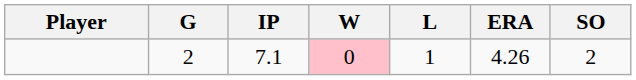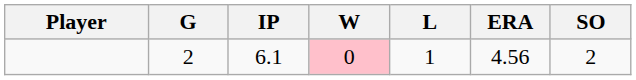 <table class="wikitable sortable">
 <tr>
 <th bgcolor="#DDDDFF" width="16%">Player</th>
 <th bgcolor="#DDDDFF" width="9%">G</th>
 <th bgcolor="#DDDDFF" width="9%">IP</th>
 <th bgcolor="#DDDDFF" width="9%">W</th>
 <th bgcolor="#DDDDFF" width="9%">L</th>
 <th bgcolor="#DDDDFF" width="9%">ERA</th>
 <th bgcolor="#DDDDFF" width="9%">SO</th>
 </tr>
 <tr align="center">
 <td></td>
 <td>2</td>
-<td>7.1</td>
+<td>6.1</td>
 <td style="background: pink;">0</td>
 <td>1</td>
-<td>4.26</td>
+<td>4.56</td>
 <td>2</td>
 </tr>
 </table>
